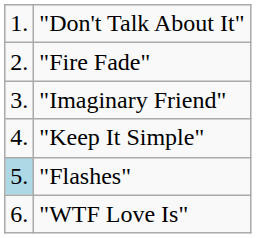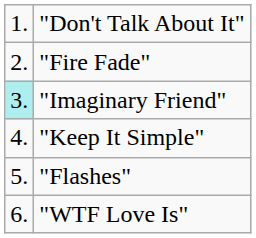 <table class="wikitable">
 <tr>
 <td>1.</td>
 <td>"Don't Talk About It"</td>
 </tr>
 <tr>
 <td>2.</td>
 <td>"Fire Fade"</td>
 </tr>
 <tr>
-<td>3.</td>
+<td style="background: paleturquoise;">3.</td>
 <td>"Imaginary Friend"</td>
 </tr>
 <tr>
 <td>4.</td>
 <td>"Keep It Simple"</td>
 </tr>
 <tr>
-<td style="background: lightblue;">5.</td>
+<td>5.</td>
 <td>"Flashes"</td>
 </tr>
 <tr>
 <td>6.</td>
 <td>"WTF Love Is"</td>
 </tr>
 </table>
